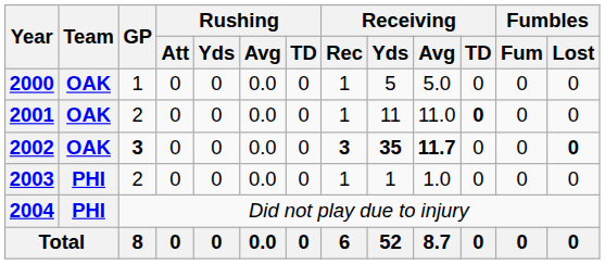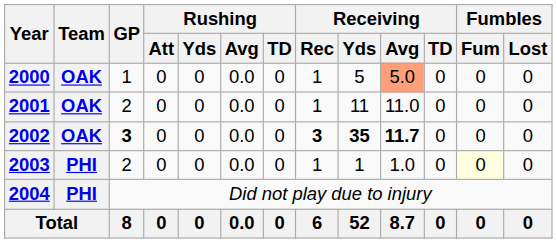 <table class="wikitable" style="text-align:center;">
 <tr>
 <th rowspan="2">Year</th>
 <th rowspan="2">Team</th>
 <th rowspan="2">GP</th>
 <th colspan="4">Rushing</th>
 <th colspan="4">Receiving</th>
 <th colspan="2">Fumbles</th>
 </tr>
 <tr>
 <th>Att</th>
 <th>Yds</th>
 <th>Avg</th>
 <th>TD</th>
 <th>Rec</th>
 <th>Yds</th>
 <th>Avg</th>
 <th>TD</th>
 <th>Fum</th>
 <th>Lost</th>
 </tr>
 <tr>
 <th><a href='#'>2000</a></th>
 <th><a href='#'>OAK</a></th>
 <td>1</td>
 <td>0</td>
 <td>0</td>
 <td>0.0</td>
 <td>0</td>
 <td>1</td>
 <td>5</td>
-<td>5.0</td>
+<td style="background: lightsalmon;">5.0</td>
 <td>0</td>
 <td>0</td>
 <td>0</td>
 </tr>
 <tr>
 <th><a href='#'>2001</a></th>
 <th><a href='#'>OAK</a></th>
 <td>2</td>
 <td>0</td>
 <td>0</td>
 <td>0.0</td>
 <td>0</td>
 <td>1</td>
 <td>11</td>
 <td>11.0</td>
-<td><strong>0</strong></td>
+<td>0</td>
 <td>0</td>
 <td>0</td>
 </tr>
 <tr>
 <th><a href='#'>2002</a></th>
 <th><a href='#'>OAK</a></th>
 <td><strong>3</strong></td>
 <td>0</td>
 <td>0</td>
 <td>0.0</td>
 <td>0</td>
 <td><strong>3</strong></td>
 <td><strong>35</strong></td>
 <td><strong>11.7</strong></td>
 <td>0</td>
 <td>0</td>
-<td><strong>0</strong></td>
+<td>0</td>
 </tr>
 <tr>
 <th><a href='#'>2003</a></th>
 <th><a href='#'>PHI</a></th>
 <td>2</td>
 <td>0</td>
 <td>0</td>
 <td>0.0</td>
 <td>0</td>
 <td>1</td>
 <td>1</td>
 <td>1.0</td>
 <td>0</td>
-<td>0</td>
+<td style="background: lightyellow;">0</td>
 <td>0</td>
 </tr>
 <tr>
 <th><a href='#'>2004</a></th>
 <th><a href='#'>PHI</a></th>
 <td colspan="11"><em>Did not play due to injury</em></td>
 </tr>
 <tr>
 <th colspan="2">Total</th>
 <th>8</th>
 <th>0</th>
 <th>0</th>
 <th>0.0</th>
 <th>0</th>
 <th>6</th>
 <th>52</th>
 <th>8.7</th>
 <th>0</th>
 <th>0</th>
 <th>0</th>
 </tr>
 </table>
